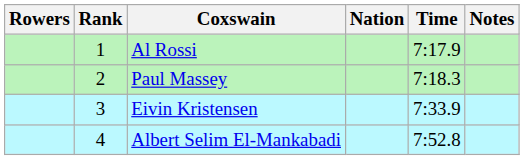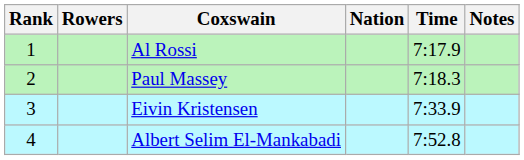 <table class="wikitable sortable" style="text-align:center">
 <tr>
+<th>Rank</th>
 <th>Rowers</th>
-<th>Rank</th>
 <th>Coxswain</th>
 <th>Nation</th>
 <th>Time</th>
 <th>Notes</th>
 </tr>
 <tr bgcolor=bbf3bb>
+<td>1</td>
 <td align=left></td>
-<td>1</td>
 <td align=left><a href='#'>Al Rossi</a></td>
 <td align=left></td>
 <td>7:17.9</td>
 <td></td>
 </tr>
 <tr bgcolor=bbf3bb>
+<td>2</td>
 <td align=left></td>
-<td>2</td>
 <td align=left><a href='#'>Paul Massey</a></td>
 <td align=left></td>
 <td>7:18.3</td>
 <td></td>
 </tr>
 <tr bgcolor=bbf9ff>
+<td>3</td>
 <td align=left></td>
-<td>3</td>
 <td align=left><a href='#'>Eivin Kristensen</a></td>
 <td align=left></td>
 <td>7:33.9</td>
 <td></td>
 </tr>
 <tr bgcolor=bbf9ff>
+<td>4</td>
 <td align=left></td>
-<td>4</td>
 <td align=left><a href='#'>Albert Selim El-Mankabadi</a></td>
 <td align=left></td>
 <td>7:52.8</td>
 <td></td>
 </tr>
 </table>
